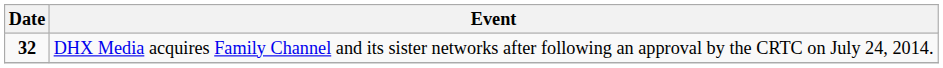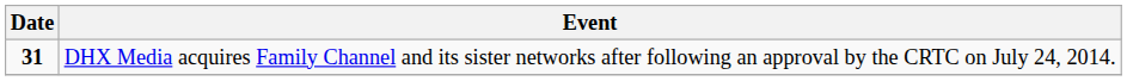 <table class="wikitable">
 <tr>
 <th>Date</th>
 <th>Event</th>
 </tr>
 <tr>
-<td style="text-align:center;"><strong>32</strong></td>
+<td style="text-align:center;"><strong>31</strong></td>
 <td><a href='#'>DHX Media</a> acquires <a href='#'>Family Channel</a> and its sister networks after following an approval by the CRTC on July 24, 2014.</td>
 </tr>
 <tr>
 </tr>
 </table>
